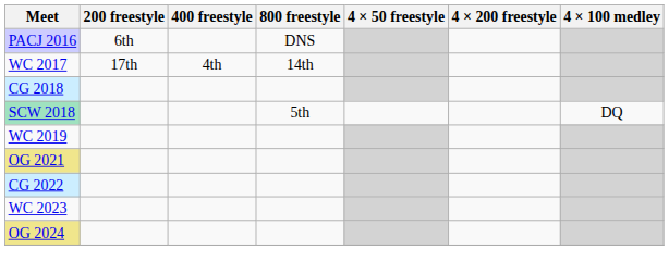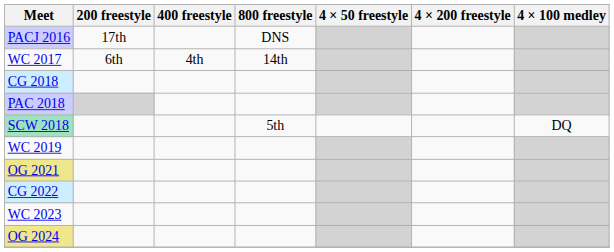 <table class="sortable wikitable">
 <tr>
 <th>Meet</th>
 <th class="unsortable">200 freestyle</th>
 <th class="unsortable">400 freestyle</th>
 <th class="unsortable">800 freestyle</th>
 <th class="unsortable">4 × 50 freestyle</th>
 <th class="unsortable">4 × 200 freestyle</th>
 <th class="unsortable">4 × 100 medley</th>
 </tr>
 <tr>
 <td style="background:#ccccff"><a href='#'>PACJ 2016</a></td>
-<td align="center">6th</td>
+<td align="center">17th</td>
 <td align="center"></td>
 <td align="center">DNS</td>
 <td style="background:#d3d3d3"></td>
 <td align="center"></td>
 <td style="background:#d3d3d3"></td>
 </tr>
 <tr>
 <td><a href='#'>WC 2017</a></td>
-<td align="center">17th</td>
+<td align="center">6th</td>
 <td align="center">4th</td>
 <td align="center">14th</td>
 <td style="background:#d3d3d3"></td>
 <td align="center"></td>
 <td style="background:#d3d3d3"></td>
 </tr>
 <tr>
 <td style="background:#cceeff"><a href='#'>CG 2018</a></td>
 <td align="center"></td>
+<td align="center"></td>
+<td align="center"></td>
+<td style="background:#d3d3d3"></td>
+<td align="center"></td>
+<td style="background:#d3d3d3"></td>
+</tr>
+<tr>
+<td style="background:#ccccff"><a href='#'>PAC 2018</a></td>
+<td style="background:#d3d3d3"></td>
 <td align="center"></td>
 <td align="center"></td>
 <td style="background:#d3d3d3"></td>
 <td align="center"></td>
 <td style="background:#d3d3d3"></td>
 </tr>
 <tr>
 <td style="background:#9fe2bf"><a href='#'>SCW 2018</a></td>
 <td align="center"></td>
 <td align="center"></td>
 <td align="center">5th</td>
 <td align="center"></td>
 <td align="center"></td>
 <td align="center">DQ</td>
 </tr>
 <tr>
 <td><a href='#'>WC 2019</a></td>
 <td align="center"></td>
 <td align="center"></td>
 <td align="center"></td>
 <td style="background:#d3d3d3"></td>
 <td align="center"></td>
 <td style="background:#d3d3d3"></td>
 </tr>
 <tr>
 <td style="background:#f0e68c"><a href='#'>OG 2021</a></td>
 <td align="center"></td>
 <td align="center"></td>
 <td align="center"></td>
 <td style="background:#d3d3d3"></td>
 <td align="center"></td>
 <td style="background:#d3d3d3"></td>
 </tr>
 <tr>
 <td style="background:#cceeff"><a href='#'>CG 2022</a></td>
 <td align="center"></td>
 <td align="center"></td>
 <td align="center"></td>
 <td style="background:#d3d3d3"></td>
 <td align="center"></td>
 <td style="background:#d3d3d3"></td>
 </tr>
 <tr>
 <td><a href='#'>WC 2023</a></td>
 <td align="center"></td>
 <td align="center"></td>
 <td align="center"></td>
 <td style="background:#d3d3d3"></td>
 <td align="center"></td>
 <td style="background:#d3d3d3"></td>
 </tr>
 <tr>
 <td style="background:#f0e68c"><a href='#'>OG 2024</a></td>
 <td align="center"></td>
 <td align="center"></td>
 <td align="center"></td>
 <td style="background:#d3d3d3"></td>
 <td align="center"></td>
 <td style="background:#d3d3d3"></td>
 </tr>
 <tr>
 </tr>
 </table>
